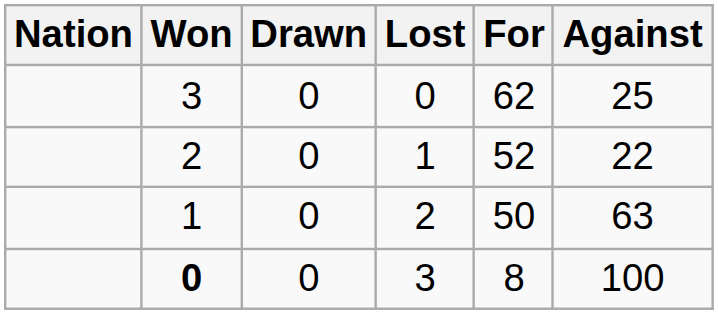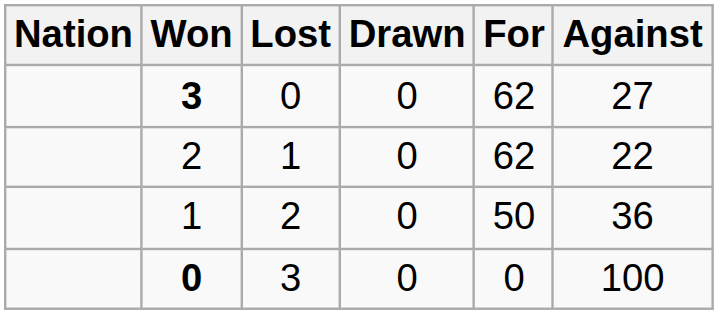 <table class="wikitable" style="margin-top:0.2em; text-align:center;">
 <tr>
 <th>Nation</th>
 <th>Won</th>
+<th>Lost</th>
 <th>Drawn</th>
-<th>Lost</th>
 <th>For</th>
 <th>Against</th>
 </tr>
 <tr>
 <td> </td>
-<td>3</td>
+<td><strong>3</strong></td>
 <td>0</td>
 <td>0</td>
 <td>62</td>
-<td>25</td>
+<td>27</td>
 </tr>
 <tr>
 <td> </td>
 <td>2</td>
+<td>1</td>
 <td>0</td>
-<td>1</td>
-<td>52</td>
+<td>62</td>
 <td>22</td>
 </tr>
 <tr>
 <td> </td>
 <td>1</td>
+<td>2</td>
 <td>0</td>
-<td>2</td>
 <td>50</td>
-<td>63</td>
+<td>36</td>
 </tr>
 <tr>
 <td> </td>
 <td><strong>0</strong></td>
+<td>3</td>
 <td>0</td>
-<td>3</td>
-<td>8</td>
+<td>0</td>
 <td>100</td>
 </tr>
 </table>
